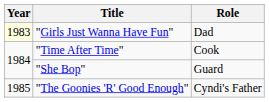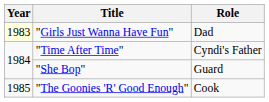 <table class="wikitable sortable">
 <tr>
 <th>Year</th>
 <th>Title</th>
 <th>Role</th>
 </tr>
 <tr>
 <td style="background: lightyellow;">1983</td>
 <td>"<a href='#'>Girls Just Wanna Have Fun</a>"</td>
 <td>Dad</td>
 </tr>
 <tr>
 <td rowspan="2">1984</td>
 <td>"<a href='#'>Time After Time</a>"</td>
-<td>Cook</td>
+<td>Cyndi's Father</td>
 </tr>
 <tr>
 <td>"<a href='#'>She Bop</a>"</td>
 <td>Guard</td>
 </tr>
 <tr>
 <td>1985</td>
 <td>"<a href='#'>The Goonies 'R' Good Enough</a>"</td>
-<td>Cyndi's Father</td>
+<td>Cook</td>
 </tr>
 </table>
